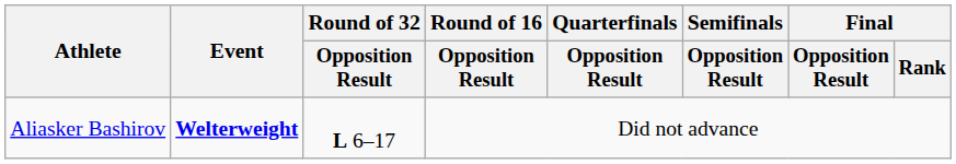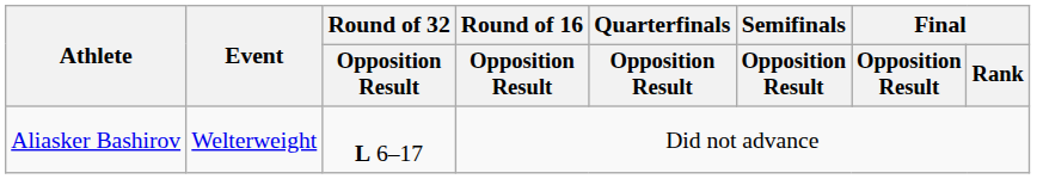 <table class="wikitable" style="font-size:90%">
 <tr>
 <th rowspan="2">Athlete</th>
 <th rowspan="2">Event</th>
 <th>Round of 32</th>
 <th>Round of 16</th>
 <th>Quarterfinals</th>
 <th>Semifinals</th>
 <th colspan=2>Final</th>
 </tr>
 <tr style="font-size:95%">
 <th>Opposition<br>Result</th>
 <th>Opposition<br>Result</th>
 <th>Opposition<br>Result</th>
 <th>Opposition<br>Result</th>
 <th>Opposition<br>Result</th>
 <th>Rank</th>
 </tr>
 <tr align=center>
 <td align=left><a href='#'>Aliasker Bashirov</a></td>
-<td align=left><strong><a href='#'>Welterweight</a></strong></td>
+<td align=left><a href='#'>Welterweight</a></td>
 <td><br><strong>L</strong> 6–17</td>
 <td colspan=5>Did not advance</td>
 </tr>
 </table>
